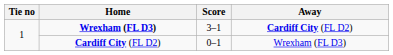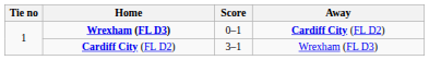 <table class="wikitable" style="text-align:center">
 <tr>
 <th width=50>Tie no</th>
 <th width=250>Home</th>
 <th width=50>Score</th>
 <th width=250>Away</th>
 </tr>
 <tr>
 <td rowspan=2>1</td>
 <td><strong><a href='#'>Wrexham</a> (<a href='#'>FL D3</a>)</strong></td>
-<td>3–1</td>
+<td>0–1</td>
 <td><strong><a href='#'>Cardiff City</a></strong> (<a href='#'>FL D2</a>)</td>
 </tr>
 <tr>
 <td><strong><a href='#'>Cardiff City</a></strong> (<a href='#'>FL D2</a>)</td>
-<td>0–1</td>
+<td>3–1</td>
 <td><a href='#'>Wrexham</a> (<a href='#'>FL D3</a>)</td>
 </tr>
 </table>
